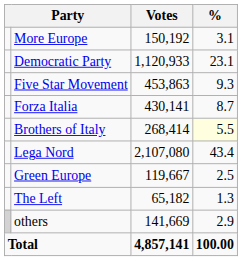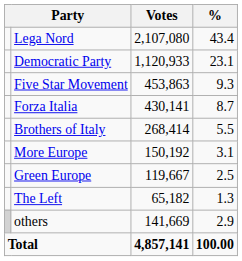 <table class="wikitable" style="font-size:95%">
 <tr>
 <th colspan=2>Party</th>
 <th>Votes</th>
 <th>%</th>
 </tr>
 <tr>
 <td></td>
-<td><a href='#'>More Europe</a></td>
-<td align=right>150,192</td>
-<td align=right>3.1</td>
+<td><a href='#'>Lega Nord</a></td>
+<td align=right>2,107,080</td>
+<td align=right>43.4</td>
 </tr>
 <tr>
 <td></td>
 <td><a href='#'>Democratic Party</a></td>
 <td align=right>1,120,933</td>
 <td align=right>23.1</td>
 </tr>
 <tr>
 <td></td>
 <td><a href='#'>Five Star Movement</a></td>
 <td align=right>453,863</td>
 <td align=right>9.3</td>
 </tr>
 <tr>
 <td></td>
 <td><a href='#'>Forza Italia</a></td>
 <td align=right>430,141</td>
 <td align=right>8.7</td>
 </tr>
 <tr>
 <td></td>
 <td><a href='#'>Brothers of Italy</a></td>
 <td align=right>268,414</td>
-<td align=right style="background: lightyellow;">5.5</td>
+<td align=right>5.5</td>
 </tr>
 <tr>
 <td></td>
-<td><a href='#'>Lega Nord</a></td>
-<td align=right>2,107,080</td>
-<td align=right>43.4</td>
+<td><a href='#'>More Europe</a></td>
+<td align=right>150,192</td>
+<td align=right>3.1</td>
 </tr>
 <tr>
 <td></td>
 <td><a href='#'>Green Europe</a></td>
 <td align=right>119,667</td>
 <td align=right>2.5</td>
 </tr>
 <tr>
 <td></td>
 <td><a href='#'>The Left</a></td>
 <td align=right>65,182</td>
 <td align=right>1.3</td>
 </tr>
 <tr>
 <td style="background-color: lightgrey"></td>
 <td>others</td>
 <td align=right>141,669</td>
 <td align=right>2.9</td>
 </tr>
 <tr>
 <td colspan=2><strong>Total</strong></td>
 <td align=right><strong>4,857,141</strong></td>
 <td align=right><strong>100.00</strong></td>
 </tr>
 </table>
